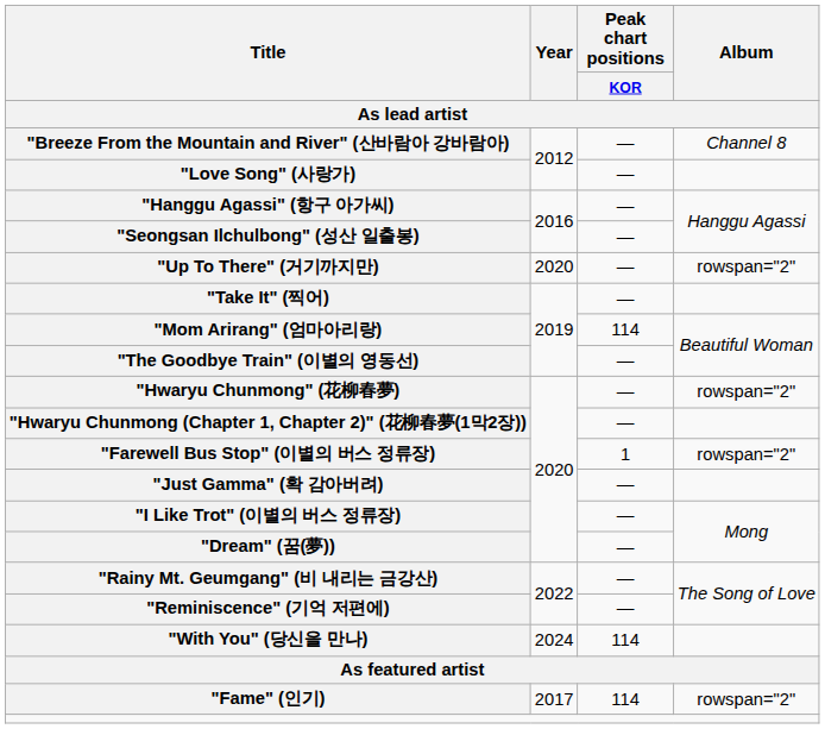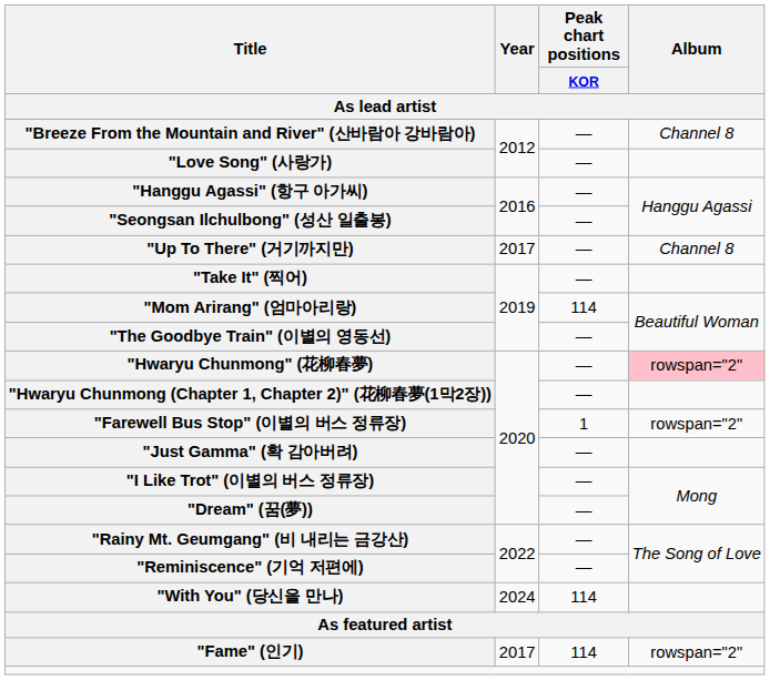 <table class="wikitable plainrowheaders" style="text-align:center">
 <tr>
 <th scope="col" rowspan="2">Title</th>
 <th scope="col" rowspan="2">Year</th>
 <th scope="col" colspan="1" style="width:5em;">Peak chart positions</th>
 <th scope="col" rowspan="2">Album</th>
 </tr>
 <tr>
 <th><small><a href='#'>KOR</a></small><br></th>
 </tr>
 <tr>
 <th colspan="4">As lead artist</th>
 </tr>
 <tr>
 <th scope="row">"Breeze From the Mountain and River" (산바람아 강바람아)<br></th>
 <td rowspan="2">2012</td>
 <td>—</td>
 <td><em>Channel 8</em></td>
 </tr>
 <tr>
 <th scope="row">"Love Song" (사랑가)<br></th>
 <td>—</td>
 </tr>
 <tr>
 <th scope="row">"Hanggu Agassi" (항구 아가씨)<br></th>
 <td rowspan="2">2016</td>
 <td>—</td>
 <td rowspan="2"><em>Hanggu Agassi</em></td>
 </tr>
 <tr>
 <th scope="row">"Seongsan Ilchulbong" (성산 일출봉)<br></th>
 <td>—</td>
 </tr>
 <tr>
 <th scope="row">"Up To There" (거기까지만)</th>
-<td>2020</td>
+<td>2017</td>
 <td>—</td>
-<td>rowspan="2" </td>
+<td><em>Channel 8</em></td>
 </tr>
 <tr>
 <th scope="row">"Take It" (찍어)</th>
 <td rowspan="3">2019</td>
 <td>—</td>
 </tr>
 <tr>
 <th scope="row">"Mom Arirang" (엄마아리랑)</th>
 <td>114</td>
 <td rowspan="2"><em>Beautiful Woman</em></td>
 </tr>
 <tr>
 <th scope="row">"The Goodbye Train" (이별의 영동선)</th>
 <td>—</td>
 </tr>
 <tr>
 <th scope="row">"Hwaryu Chunmong" (花柳春夢)</th>
 <td rowspan="6">2020</td>
 <td>—</td>
-<td>rowspan="2" </td>
+<td style="background: pink;">rowspan="2" </td>
 </tr>
 <tr>
 <th scope="row">"Hwaryu Chunmong (Chapter 1, Chapter 2)" (花柳春夢(1막2장))</th>
 <td>—</td>
 </tr>
 <tr>
 <th scope="row">"Farewell Bus Stop" (이별의 버스 정류장)<br></th>
 <td>1</td>
 <td>rowspan="2" </td>
 </tr>
 <tr>
 <th scope="row">"Just Gamma" (확 감아버려)</th>
 <td>—</td>
 <td></td>
 </tr>
 <tr>
 <th scope="row">"I Like Trot" (이별의 버스 정류장)</th>
 <td>—</td>
 <td rowspan="2"><em>Mong</em></td>
 </tr>
 <tr>
 <th scope="row">"Dream" (꿈(夢))</th>
 <td>—</td>
 </tr>
 <tr>
 <th scope="row">"Rainy Mt. Geumgang" (비 내리는 금강산)</th>
 <td rowspan="2">2022</td>
 <td>—</td>
 <td rowspan="2"><em>The Song of Love</em></td>
 </tr>
 <tr>
 <th scope="row">"Reminiscence" (기억 저편에)</th>
 <td>—</td>
 </tr>
 <tr>
 <th scope="row">"With You" (당신을 만나)<br></th>
 <td>2024</td>
 <td>114</td>
 <td></td>
 </tr>
 <tr>
 <th colspan="4">As featured artist</th>
 </tr>
 <tr>
 <th scope="row">"Fame" (인기)<br></th>
 <td>2017</td>
 <td>114</td>
 <td>rowspan="2" </td>
 </tr>
 <tr>
 <td colspan="4"></td>
 </tr>
 </table>
